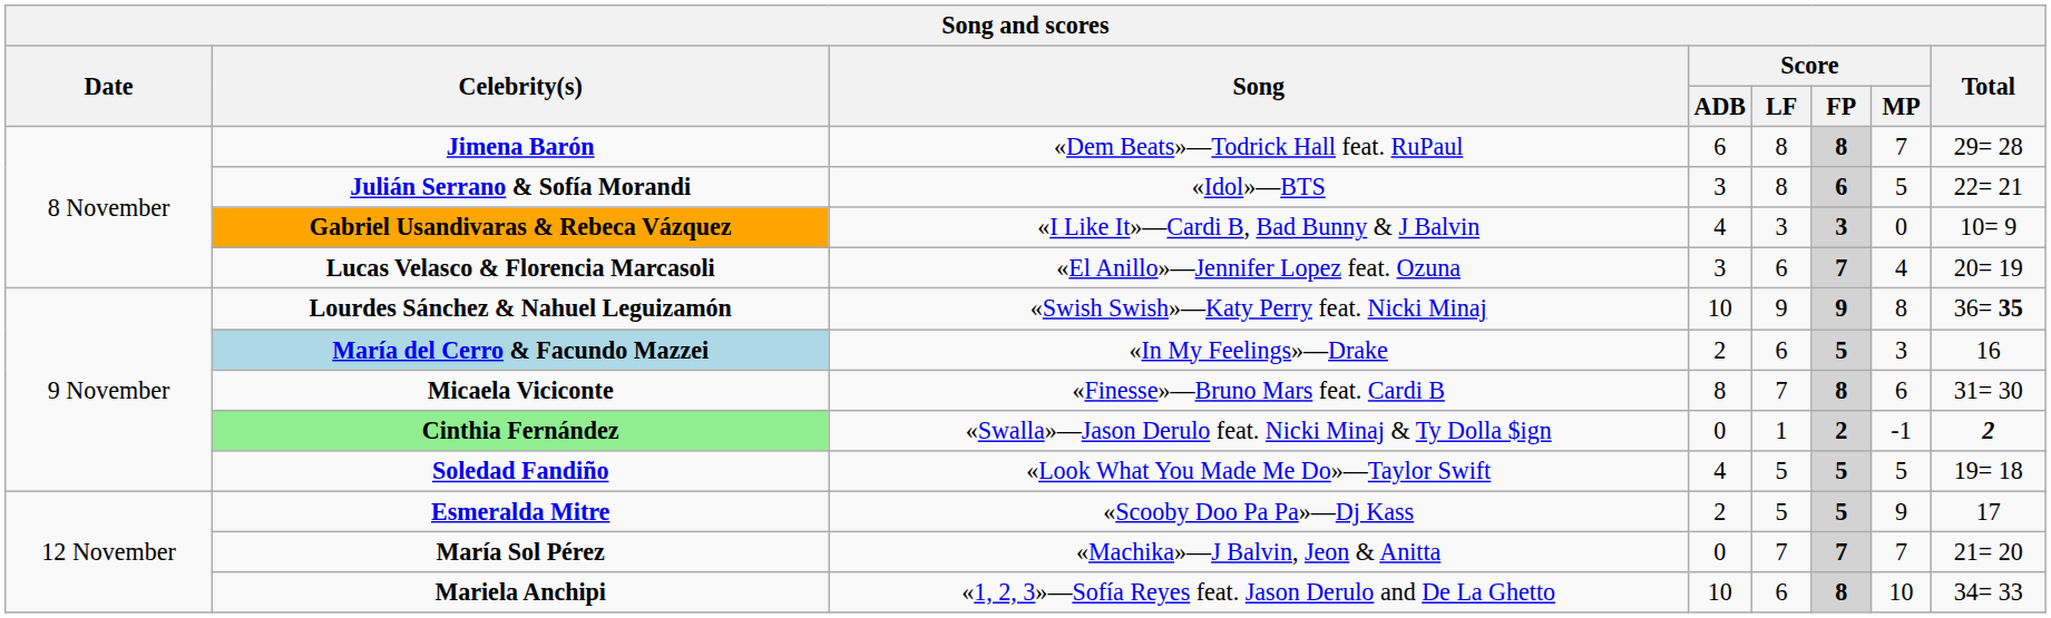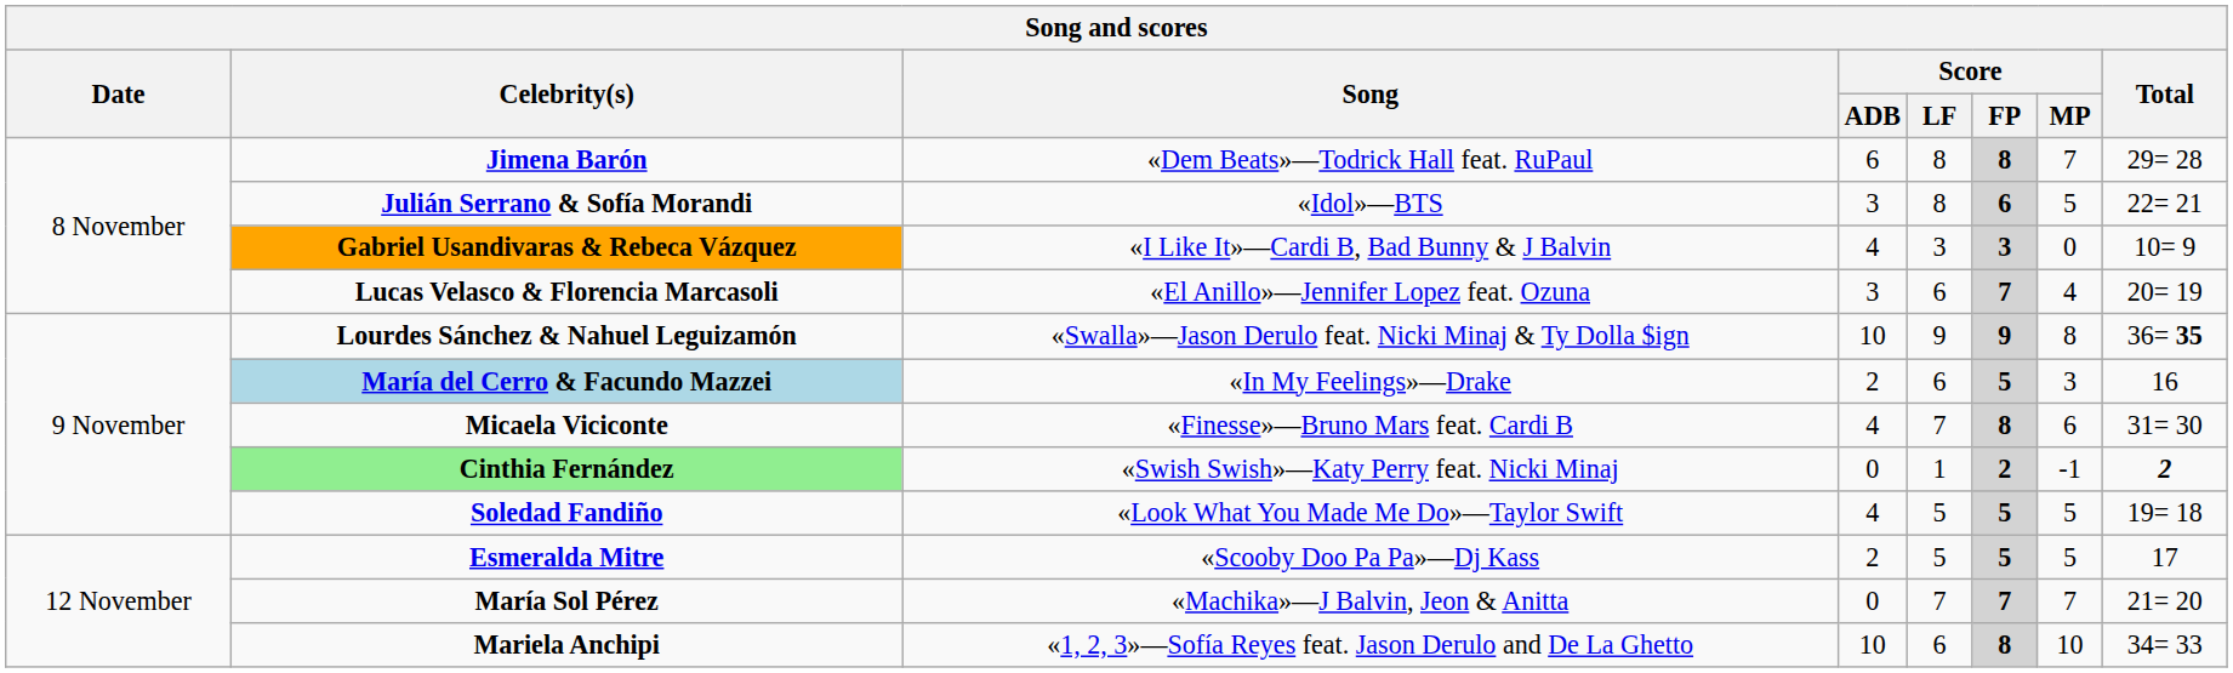 <table class="wikitable collapsible collapsed" style="font-size:95%; text-align: center; width: 100%;">
 <tr>
 <th colspan="11" style="with: 100%;" align=center>Song and scores</th>
 </tr>
 <tr>
 <th rowspan="2">Date</th>
 <th rowspan="2">Celebrity(s)</th>
 <th rowspan="2">Song</th>
 <th colspan="4">Score</th>
 <th rowspan="2">Total</th>
 </tr>
 <tr>
 <th width=30>ADB</th>
 <th width=30>LF</th>
 <th width=30>FP</th>
 <th width=30>MP</th>
 </tr>
 <tr>
 <td rowspan="4">8 November</td>
 <td bgcolor=""><strong><a href='#'>Jimena Barón</a></strong></td>
 <td>«<a href='#'>Dem Beats</a>»—<a href='#'>Todrick Hall</a> feat. <a href='#'>RuPaul</a></td>
 <td>6</td>
 <td>8</td>
 <td bgcolor="lightgrey"><strong>8</strong></td>
 <td>7</td>
 <td>29= 28</td>
 </tr>
 <tr>
 <td bgcolor=""><strong><a href='#'>Julián Serrano</a> & Sofía Morandi</strong></td>
 <td>«<a href='#'>Idol</a>»—<a href='#'>BTS</a></td>
 <td>3</td>
 <td>8</td>
 <td bgcolor="lightgrey"><strong>6</strong></td>
 <td>5</td>
 <td>22= 21</td>
 </tr>
 <tr>
 <td bgcolor="orange"><strong>Gabriel Usandivaras & Rebeca Vázquez</strong></td>
 <td>«<a href='#'>I Like It</a>»—<a href='#'>Cardi B</a>, <a href='#'>Bad Bunny</a> & <a href='#'>J Balvin</a></td>
 <td>4</td>
 <td>3</td>
 <td bgcolor="lightgrey"><strong>3</strong></td>
 <td>0</td>
 <td>10= 9</td>
 </tr>
 <tr>
 <td bgcolor=""><strong>Lucas Velasco & Florencia Marcasoli</strong></td>
 <td>«<a href='#'>El Anillo</a>»—<a href='#'>Jennifer Lopez</a> feat. <a href='#'>Ozuna</a></td>
 <td>3</td>
 <td>6</td>
 <td bgcolor="lightgrey"><strong>7</strong></td>
 <td>4</td>
 <td>20= 19</td>
 </tr>
 <tr>
 <td rowspan="5">9 November</td>
 <td bgcolor=""><strong>Lourdes Sánchez & Nahuel Leguizamón</strong></td>
-<td>«<a href='#'>Swish Swish</a>»—<a href='#'>Katy Perry</a> feat. <a href='#'>Nicki Minaj</a></td>
+<td>«<a href='#'>Swalla</a>»—<a href='#'>Jason Derulo</a> feat. <a href='#'>Nicki Minaj</a> & <a href='#'>Ty Dolla $ign</a></td>
 <td>10</td>
 <td>9</td>
 <td bgcolor="lightgrey"><strong>9</strong></td>
 <td>8</td>
 <td>36= <span><strong>35</strong></span></td>
 </tr>
 <tr>
 <td bgcolor="lightblue"><strong><a href='#'>María del Cerro</a> & Facundo Mazzei</strong></td>
 <td>«<a href='#'>In My Feelings</a>»—<a href='#'>Drake</a></td>
 <td>2</td>
 <td>6</td>
 <td bgcolor="lightgrey"><strong>5</strong></td>
 <td>3</td>
 <td>16</td>
 </tr>
 <tr>
 <td bgcolor=""><strong>Micaela Viciconte</strong></td>
 <td>«<a href='#'>Finesse</a>»—<a href='#'>Bruno Mars</a> feat. <a href='#'>Cardi B</a></td>
-<td>8</td>
+<td>4</td>
 <td>7</td>
 <td bgcolor="lightgrey"><strong>8</strong></td>
 <td>6</td>
 <td>31= 30</td>
 </tr>
 <tr>
 <td bgcolor="lightgreen"><strong>Cinthia Fernández</strong></td>
-<td>«<a href='#'>Swalla</a>»—<a href='#'>Jason Derulo</a> feat. <a href='#'>Nicki Minaj</a> & <a href='#'>Ty Dolla $ign</a></td>
+<td>«<a href='#'>Swish Swish</a>»—<a href='#'>Katy Perry</a> feat. <a href='#'>Nicki Minaj</a></td>
 <td>0</td>
 <td>1</td>
 <td bgcolor="lightgrey"><strong>2</strong></td>
 <td>-1</td>
 <td><span><strong><em>2</em></strong></span></td>
 </tr>
 <tr>
 <td bgcolor=""><strong><a href='#'>Soledad Fandiño</a></strong></td>
 <td>«<a href='#'>Look What You Made Me Do</a>»—<a href='#'>Taylor Swift</a></td>
 <td>4</td>
 <td>5</td>
 <td bgcolor="lightgrey"><strong>5</strong></td>
 <td>5</td>
 <td>19= 18</td>
 </tr>
 <tr>
 <td rowspan="3">12 November</td>
 <td bgcolor=""><strong><a href='#'>Esmeralda Mitre</a></strong></td>
 <td>«<a href='#'>Scooby Doo Pa Pa</a>»—<a href='#'>Dj Kass</a></td>
 <td>2</td>
 <td>5</td>
 <td bgcolor="lightgrey"><strong>5</strong></td>
-<td>9</td>
+<td>5</td>
 <td>17</td>
 </tr>
 <tr>
 <td bgcolor=""><strong>María Sol Pérez</strong></td>
 <td>«<a href='#'>Machika</a>»—<a href='#'>J Balvin</a>, <a href='#'>Jeon</a> & <a href='#'>Anitta</a></td>
 <td>0</td>
 <td>7</td>
 <td bgcolor="lightgrey"><strong>7</strong></td>
 <td>7</td>
 <td>21= 20</td>
 </tr>
 <tr>
 <td bgcolor=""><strong>Mariela Anchipi</strong></td>
 <td>«<a href='#'>1, 2, 3</a>»—<a href='#'>Sofía Reyes</a> feat. <a href='#'>Jason Derulo</a> and <a href='#'>De La Ghetto</a></td>
 <td>10</td>
 <td>6</td>
 <td bgcolor="lightgrey"><strong>8</strong></td>
 <td>10</td>
 <td>34= 33</td>
 </tr>
 </table>
